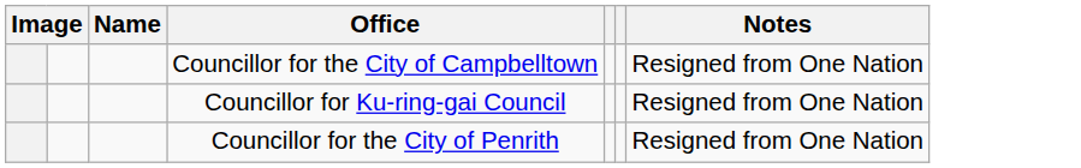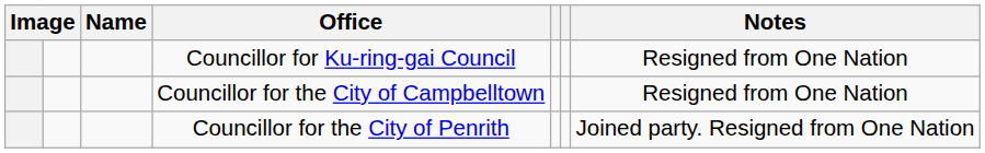 <table class="wikitable" style="text-align:center" "width:100%">
 <tr>
 <th colspan=2>Image</th>
 <th>Name<br></th>
 <th>Office</th>
 <th></th>
 <th></th>
 <th>Notes</th>
+</tr>
+<tr>
+<th style="background:"></th>
+<td></td>
+<td></td>
+<td>Councillor for <a href='#'>Ku-ring-gai Council</a></td>
+<td></td>
+<td></td>
+<td>Resigned from One Nation</td>
 </tr>
 <tr>
 <th style="background:"></th>
 <td></td>
 <td></td>
 <td>Councillor for the <a href='#'>City of Campbelltown</a></td>
 <td></td>
 <td></td>
 <td>Resigned from One Nation</td>
 </tr>
 <tr>
 <th style="background:"></th>
 <td></td>
 <td></td>
-<td>Councillor for <a href='#'>Ku-ring-gai Council</a></td>
-<td></td>
-<td></td>
-<td>Resigned from One Nation</td>
-</tr>
-<tr>
-<th style="background:"></th>
-<td></td>
-<td></td>
 <td>Councillor for the <a href='#'>City of Penrith</a></td>
 <td></td>
 <td></td>
-<td>Resigned from One Nation</td>
+<td>Joined party. Resigned from One Nation</td>
 </tr>
 </table>
